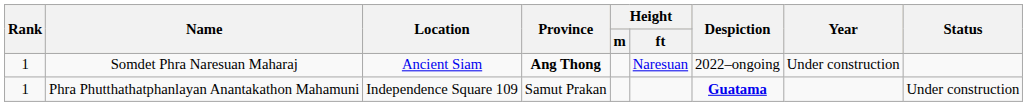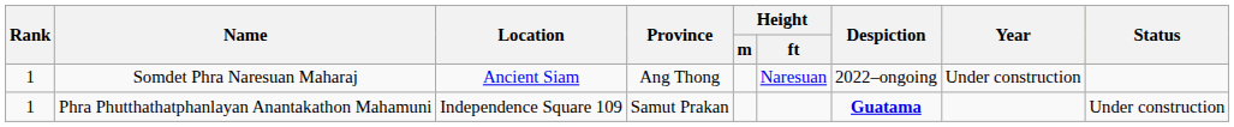 <table class="wikitable sortable mw-datatable static-row-numbers" style="text-align:center; font-size:90%">
 <tr style="background:#f9ecb6;">
 <th rowspan="2">Rank</th>
 <th rowspan="2"class="unsortable">Name</th>
 <th rowspan="2">Location</th>
 <th rowspan="2">Province</th>
 <th colspan="2">Height</th>
 <th rowspan="2">Despiction</th>
 <th rowspan="2">Year</th>
 <th rowspan="2">Status</th>
 </tr>
 <tr>
 <th>m</th>
 <th>ft</th>
 </tr>
 <tr>
 <td>1</td>
 <td>Somdet Phra Naresuan Maharaj</td>
 <td><a href='#'>Ancient Siam</a></td>
-<td><strong>Ang Thong</strong></td>
+<td>Ang Thong</td>
 <td></td>
 <td><a href='#'>Naresuan</a></td>
 <td>2022–ongoing</td>
 <td>Under construction</td>
 </tr>
 <tr>
 <td>1</td>
 <td>Phra Phutthathatphanlayan Anantakathon Mahamuni</td>
 <td>Independence Square 109</td>
 <td>Samut Prakan</td>
 <td></td>
 <td></td>
 <td><strong><a href='#'>Guatama</a></strong></td>
 <td></td>
 <td>Under construction</td>
 </tr>
 </table>
